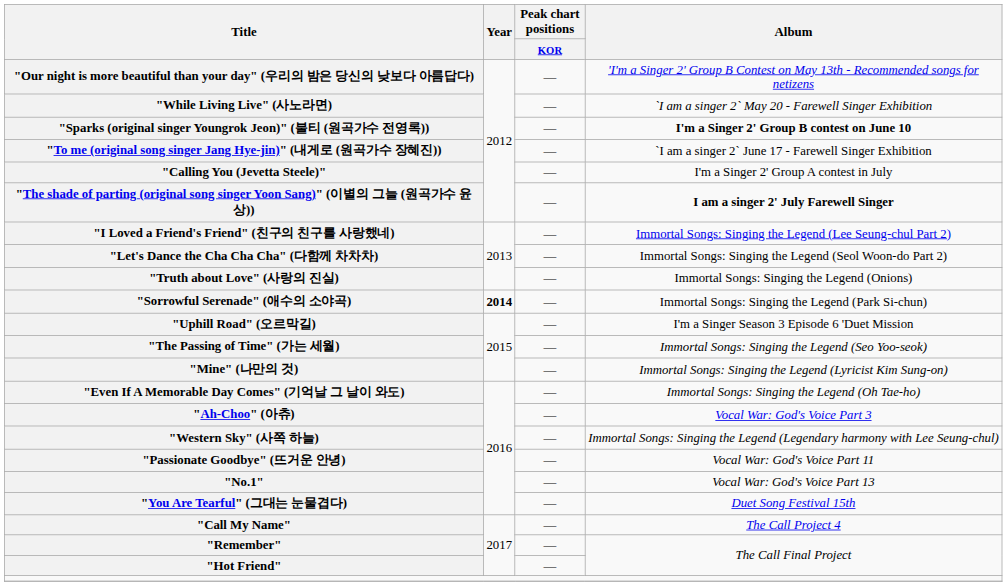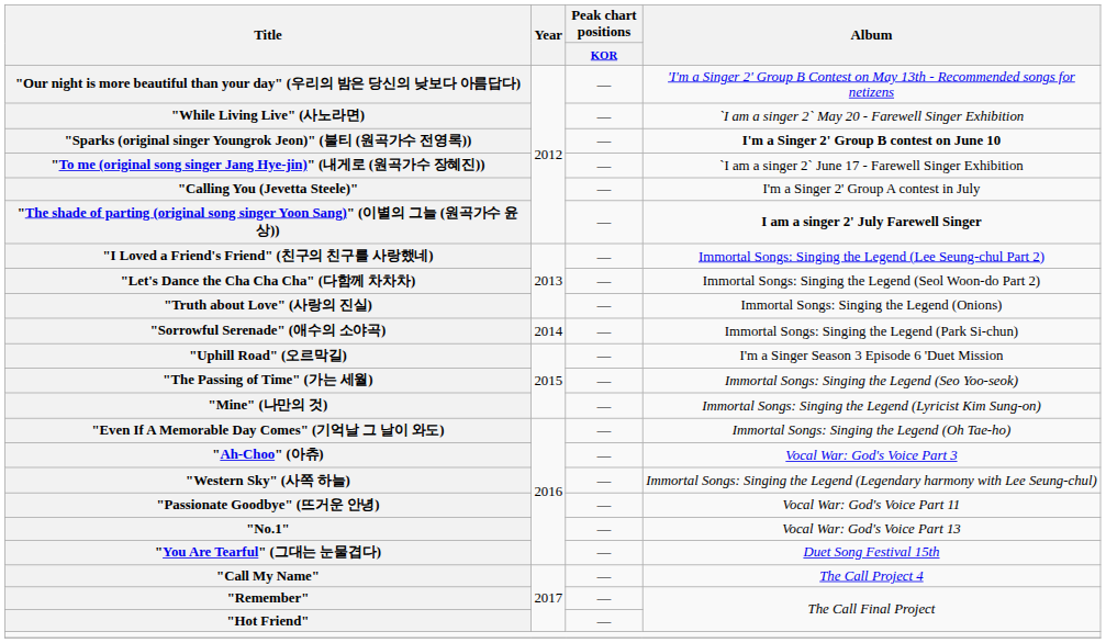 <table class="wikitable plainrowheaders" style="text-align:center;">
 <tr>
 <th scope="col" rowspan="2">Title</th>
 <th scope="col" rowspan="2">Year</th>
 <th scope="col" colspan="1" style="width:5em;">Peak chart positions</th>
 <th scope="col" rowspan="2">Album</th>
 </tr>
 <tr>
 <th><small><a href='#'>KOR</a></small><br></th>
 </tr>
 <tr>
 <th scope="row">"Our night is more beautiful than your day" (우리의 밤은 당신의 낮보다 아름답다)</th>
 <td rowspan="6">2012</td>
 <td>—</td>
 <td><em><a href='#'>'I'm a Singer 2' Group B Contest on May 13th - Recommended songs for netizens</a></em></td>
 </tr>
 <tr>
 <th scope="row">"While Living Live" (사노라면)</th>
 <td>—</td>
 <td><em>`I am a singer 2` May 20 - Farewell Singer Exhibition</em></td>
 </tr>
 <tr>
 <th scope="row">"Sparks (original singer Youngrok Jeon)" (불티 (원곡가수 전영록))</th>
 <td>—</td>
 <td><strong>I'm a Singer 2' Group B contest on June 10<em></td>
 </tr>
 <tr>
 <th scope="row">"<a href='#'>To me (original song singer Jang Hye-jin)</a>" (내게로 (원곡가수 장혜진))</th>
 <td>—</td>
 <td></em>`I am a singer 2` June 17 - Farewell Singer Exhibition<em></td>
 </tr>
 <tr>
 <th scope="row">"Calling You (Jevetta Steele)"</th>
 <td>—</td>
 <td></strong>I'm a Singer 2' Group A contest in July</em></td>
 </tr>
 <tr>
 <th scope="row">"<a href='#'>The shade of parting (original song singer Yoon Sang)</a>" (이별의 그늘 (원곡가수 윤상))</th>
 <td>—</td>
 <td><strong>I am a singer 2' July Farewell Singer<em></td>
 </tr>
 <tr>
 <th scope="row">"I Loved a Friend's Friend" (친구의 친구를 사랑했네)</th>
 <td rowspan="3">2013</td>
 <td>—</td>
 <td></em><a href='#'>Immortal Songs: Singing the Legend (Lee Seung-chul Part 2)</a><em></td>
 </tr>
 <tr>
 <th scope="row">"Let's Dance the Cha Cha Cha" (다함께 차차차)</th>
 <td>—</td>
 <td></em>Immortal Songs: Singing the Legend (Seol Woon-do Part 2)<em></td>
 </tr>
 <tr>
 <th scope="row">"Truth about Love" (사랑의 진실)</th>
 <td>—</td>
 <td></em>Immortal Songs: Singing the Legend (Onions)<em></td>
 </tr>
 <tr>
 <th scope="row">"Sorrowful Serenade" (애수의 소야곡)</th>
-<td><strong>2014</strong></td>
+<td>2014</td>
 <td>—</td>
 <td></em>Immortal Songs: Singing the Legend (Park Si-chun)<em></td>
 </tr>
 <tr>
 <th scope="row">"Uphill Road" (오르막길)<br></th>
 <td rowspan="3">2015</td>
 <td>—</td>
 <td></em>I'm a Singer Season 3 Episode 6 'Duet Mission</strong></td>
 </tr>
 <tr>
 <th scope="row">"The Passing of Time" (가는 세월)</th>
 <td>—</td>
 <td><em>Immortal Songs: Singing the Legend (Seo Yoo-seok)</em></td>
 </tr>
 <tr>
 <th scope="row">"Mine" (나만의 것)<br></th>
 <td>—</td>
 <td><em>Immortal Songs: Singing the Legend (Lyricist Kim Sung-on)</em></td>
 </tr>
 <tr>
 <th scope="row">"Even If A Memorable Day Comes" (기억날 그 날이 와도)</th>
 <td rowspan="6">2016</td>
 <td>—</td>
 <td><em>Immortal Songs: Singing the Legend (Oh Tae-ho)</em></td>
 </tr>
 <tr>
 <th scope="row">"<a href='#'>Ah-Choo</a>" (아츄)</th>
 <td>—</td>
 <td><em><a href='#'>Vocal War: God's Voice Part 3</a></em></td>
 </tr>
 <tr>
 <th scope="row">"Western Sky" (사쪽 하늘)<br></th>
 <td>—</td>
 <td><em>Immortal Songs: Singing the Legend (Legendary harmony with Lee Seung-chul)</em></td>
 </tr>
 <tr>
 <th scope="row">"Passionate Goodbye" (뜨거운 안녕)</th>
 <td>—</td>
 <td><em>Vocal War: God's Voice Part 11</em></td>
 </tr>
 <tr>
 <th scope="row">"No.1"</th>
 <td>—</td>
 <td><em>Vocal War: God's Voice Part 13</em></td>
 </tr>
 <tr>
 <th scope="row">"<a href='#'>You Are Tearful</a>" (그대는 눈물겹다)<br></th>
 <td>—</td>
 <td><em><a href='#'>Duet Song Festival 15th</a></em></td>
 </tr>
 <tr>
 <th scope="row">"Call My Name"<br></th>
 <td rowspan="3">2017</td>
 <td>—</td>
 <td><em><a href='#'>The Call Project 4</a></em></td>
 </tr>
 <tr>
 <th scope="row">"Remember"<br></th>
 <td>—</td>
 <td rowspan="2"><em>The Call Final Project</em></td>
 </tr>
 <tr>
 <th scope="row">"Hot Friend"<br></th>
 <td>—</td>
 </tr>
 <tr>
 <td colspan="4"></td>
 </tr>
 <tr>
 </tr>
 </table>
